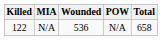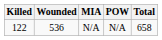 <table class="wikitable" style="text-align:center">
 <tr>
 <th>Killed</th>
+<th>Wounded</th>
 <th>MIA</th>
-<th>Wounded</th>
 <th>POW</th>
 <th>Total</th>
 </tr>
 <tr>
 <td>122</td>
+<td>536</td>
 <td>N/A</td>
-<td>536</td>
 <td>N/A</td>
 <td>658</td>
 </tr>
 </table>
